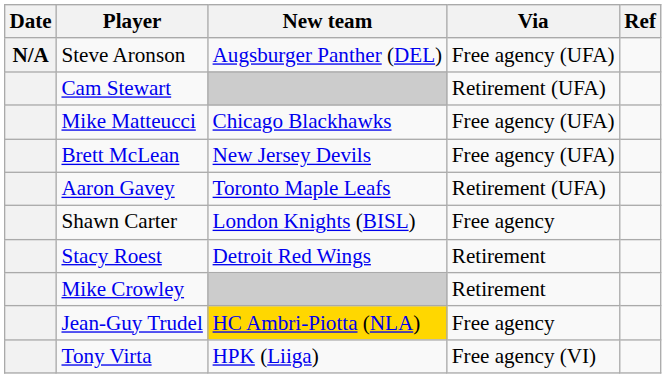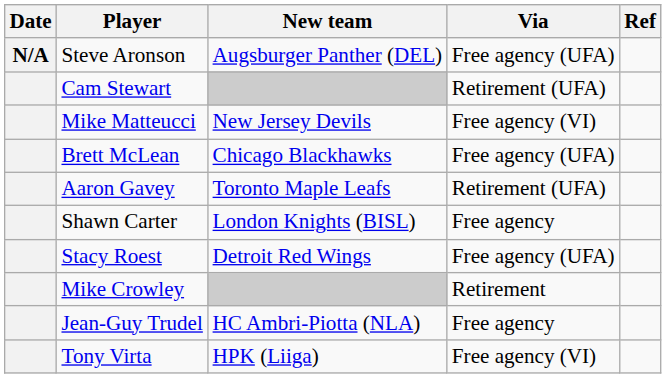 <table class="wikitable plainrowheaders">
 <tr style="background:#ddd; text-align:center;">
 <th>Date</th>
 <th>Player</th>
 <th>New team</th>
 <th>Via</th>
 <th>Ref</th>
 </tr>
 <tr>
 <th scope="row">N/A</th>
 <td>Steve Aronson</td>
 <td><a href='#'>Augsburger Panther</a> (<a href='#'>DEL</a>)</td>
 <td>Free agency (UFA)</td>
 <td></td>
 </tr>
 <tr>
 <th scope="row"></th>
 <td><a href='#'>Cam Stewart</a></td>
 <td style="background:#ccc"></td>
 <td>Retirement (UFA)</td>
 <td></td>
 </tr>
 <tr>
 <th scope="row"></th>
 <td><a href='#'>Mike Matteucci</a></td>
-<td><a href='#'>Chicago Blackhawks</a></td>
-<td>Free agency (UFA)</td>
+<td><a href='#'>New Jersey Devils</a></td>
+<td>Free agency (VI)</td>
 <td></td>
 </tr>
 <tr>
 <th scope="row"></th>
 <td><a href='#'>Brett McLean</a></td>
-<td><a href='#'>New Jersey Devils</a></td>
+<td><a href='#'>Chicago Blackhawks</a></td>
 <td>Free agency (UFA)</td>
 <td></td>
 </tr>
 <tr>
 <th scope="row"></th>
 <td><a href='#'>Aaron Gavey</a></td>
 <td><a href='#'>Toronto Maple Leafs</a></td>
 <td>Retirement (UFA)</td>
 <td></td>
 </tr>
 <tr>
 <th scope="row"></th>
 <td>Shawn Carter</td>
 <td><a href='#'>London Knights</a> (<a href='#'>BISL</a>)</td>
 <td>Free agency</td>
 <td></td>
 </tr>
 <tr>
 <th scope="row"></th>
 <td><a href='#'>Stacy Roest</a></td>
 <td><a href='#'>Detroit Red Wings</a></td>
-<td>Retirement</td>
+<td>Free agency (UFA)</td>
 <td></td>
 </tr>
 <tr>
 <th scope="row"></th>
 <td><a href='#'>Mike Crowley</a></td>
 <td style="background:#ccc"></td>
 <td>Retirement</td>
 <td></td>
 </tr>
 <tr>
 <th scope="row"></th>
 <td><a href='#'>Jean-Guy Trudel</a></td>
-<td style="background: gold;"><a href='#'>HC Ambri-Piotta</a> (<a href='#'>NLA</a>)</td>
+<td><a href='#'>HC Ambri-Piotta</a> (<a href='#'>NLA</a>)</td>
 <td>Free agency</td>
 <td></td>
 </tr>
 <tr>
 <th scope="row"></th>
 <td><a href='#'>Tony Virta</a></td>
 <td><a href='#'>HPK</a> (<a href='#'>Liiga</a>)</td>
 <td>Free agency (VI)</td>
 <td></td>
 </tr>
 </table>
